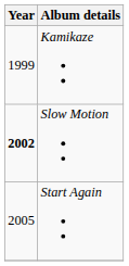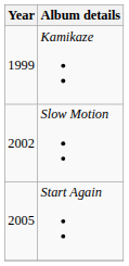 <table class="wikitable" style="text-align:center;">
 <tr>
 <th>Year</th>
 <th>Album details</th>
 </tr>
 <tr>
 <td>1999</td>
 <td align="left"><em>Kamikaze</em><br><ul><li></li><li></li></ul></td>
 </tr>
 <tr>
-<td><strong>2002</strong></td>
+<td>2002</td>
 <td align="left"><em>Slow Motion</em><br><ul><li></li><li></li></ul></td>
 </tr>
 <tr>
 <td>2005</td>
 <td align="left"><em>Start Again</em><br><ul><li></li><li></li></ul></td>
 </tr>
 <tr>
 </tr>
 </table>
